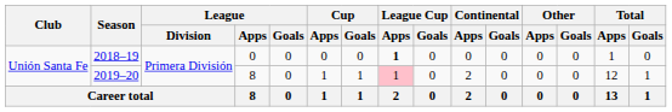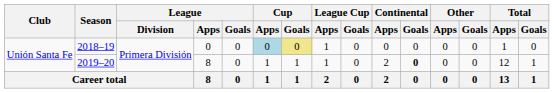 <table class="wikitable" style="text-align:center">
 <tr>
 <th rowspan="2">Club</th>
 <th rowspan="2">Season</th>
 <th colspan="3">League</th>
 <th colspan="2">Cup</th>
 <th colspan="2">League Cup</th>
 <th colspan="2">Continental</th>
 <th colspan="2">Other</th>
 <th colspan="2">Total</th>
 </tr>
 <tr>
 <th>Division</th>
 <th>Apps</th>
 <th>Goals</th>
 <th>Apps</th>
 <th>Goals</th>
 <th>Apps</th>
 <th>Goals</th>
 <th>Apps</th>
 <th>Goals</th>
 <th>Apps</th>
 <th>Goals</th>
 <th>Apps</th>
 <th>Goals</th>
 </tr>
 <tr>
 <td rowspan="2"><a href='#'>Unión Santa Fe</a></td>
 <td><a href='#'>2018–19</a></td>
 <td rowspan="2"><a href='#'>Primera División</a></td>
 <td>0</td>
 <td>0</td>
-<td>0</td>
-<td>0</td>
-<td><strong>1</strong></td>
+<td style="background: lightblue;">0</td>
+<td style="background: khaki;">0</td>
+<td>1</td>
 <td>0</td>
 <td>0</td>
 <td>0</td>
 <td>0</td>
 <td>0</td>
 <td>1</td>
 <td>0</td>
 </tr>
 <tr>
 <td><a href='#'>2019–20</a></td>
 <td>8</td>
 <td>0</td>
 <td>1</td>
 <td>1</td>
-<td style="background: pink;">1</td>
+<td>1</td>
 <td>0</td>
 <td>2</td>
-<td>0</td>
+<td><strong>0</strong></td>
 <td>0</td>
 <td>0</td>
 <td>12</td>
 <td>1</td>
 </tr>
 <tr>
 <th colspan="3">Career total</th>
 <th>8</th>
 <th>0</th>
 <th>1</th>
 <th>1</th>
 <th>2</th>
 <th>0</th>
 <th>2</th>
 <th>0</th>
 <th>0</th>
 <th>0</th>
 <th>13</th>
 <th>1</th>
 </tr>
 </table>
